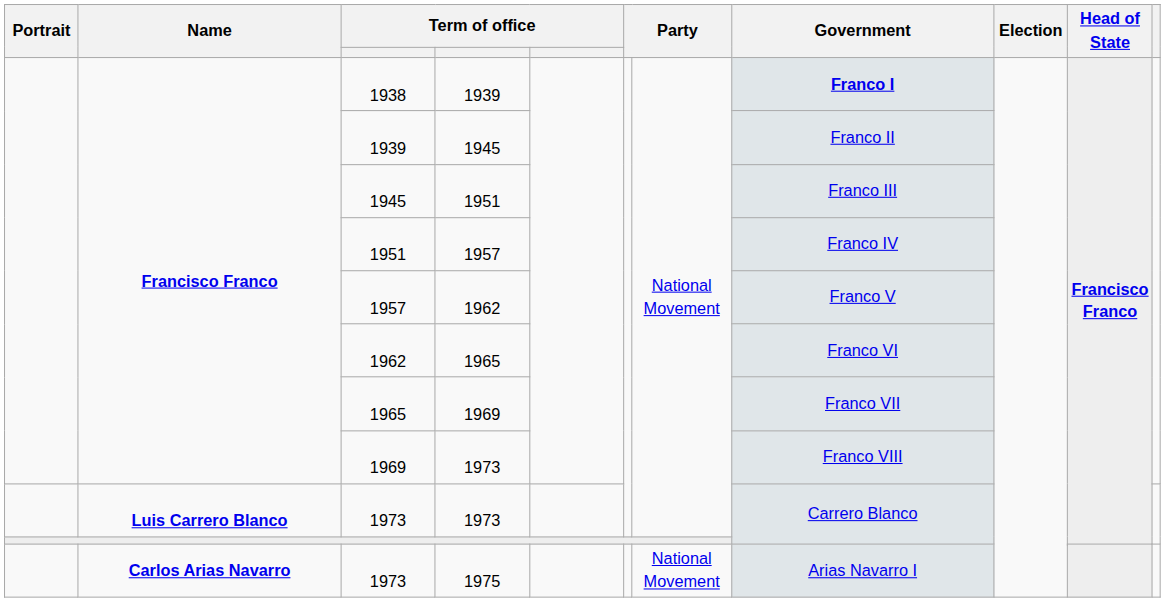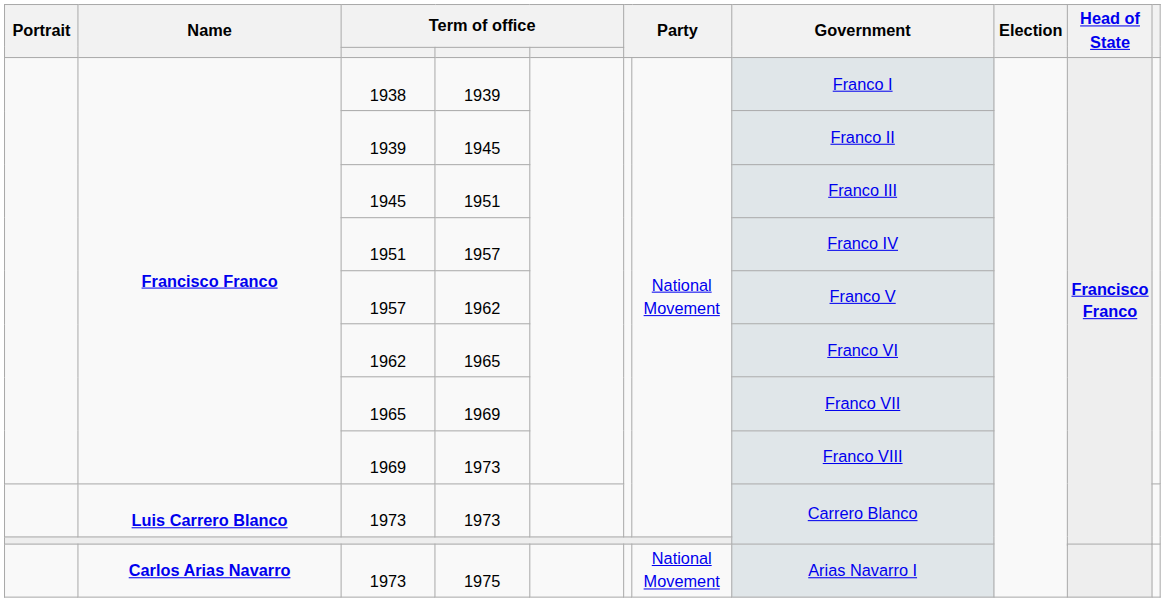 <table class="wikitable" style="line-height:1.4em; text-align:center; border:1px #aaf solid;">
 <tr>
 <th rowspan="2" width="65">Portrait</th>
 <th rowspan="2" width="250">Name<br></th>
 <th colspan="3">Term of office</th>
 <th rowspan="2" colspan="2" width="90">Party</th>
 <th rowspan="2" width="250">Government<br></th>
 <th rowspan="2" width="65">Election</th>
 <th rowspan="2" width="75"><a href='#'>Head of State</a><br></th>
 <th rowspan="2"></th>
 </tr>
 <tr>
 <th width="85"></th>
 <th width="85"></th>
 <th width="85"></th>
 </tr>
 <tr>
 <td rowspan="8" width="65"></td>
 <td rowspan="8"><br><strong><a href='#'>Francisco Franco</a></strong><br></td>
 <td class="nowrap"><br>1938</td>
 <td class="nowrap"><br>1939</td>
 <td rowspan="8" style="font-size:95%;"></td>
 <td rowspan="9" width="1" style="color:inherit;background:"></td>
 <td rowspan="9" width="90"><a href='#'>National<br>Movement</a><br></td>
-<td style="background:#E0E6E9;"><strong><a href='#'>Franco I</a><br></strong></td>
+<td style="background:#E0E6E9;"><a href='#'>Franco I</a><br></td>
 <td rowspan="12" style="color:#ccc;"></td>
 <td scope="row" style="text-align:center;" rowspan="11" bgcolor="#EEEEEE"><br><strong><a href='#'>Francisco<br>Franco</a></strong><br><br></td>
 <td rowspan="8"><br><br><br></td>
 </tr>
 <tr>
 <td class="nowrap"><br>1939</td>
 <td class="nowrap"><br>1945</td>
 <td style="background:#E0E6E9;"><a href='#'>Franco II</a><br></td>
 </tr>
 <tr>
 <td class="nowrap"><br>1945</td>
 <td class="nowrap"><br>1951</td>
 <td style="background:#E0E6E9;"><a href='#'>Franco III</a><br></td>
 </tr>
 <tr>
 <td class="nowrap"><br>1951</td>
 <td class="nowrap"><br>1957</td>
 <td style="background:#E0E6E9;"><a href='#'>Franco IV</a><br></td>
 </tr>
 <tr>
 <td class="nowrap"><br>1957</td>
 <td class="nowrap"><br>1962</td>
 <td style="background:#E0E6E9;"><a href='#'>Franco V</a><br></td>
 </tr>
 <tr>
 <td class="nowrap"><br>1962</td>
 <td class="nowrap"><br>1965</td>
 <td style="background:#E0E6E9;"><a href='#'>Franco VI</a><br></td>
 </tr>
 <tr>
 <td class="nowrap"><br>1965</td>
 <td class="nowrap"><br>1969</td>
 <td style="background:#E0E6E9;"><a href='#'>Franco VII</a><br></td>
 </tr>
 <tr>
 <td class="nowrap"><br>1969</td>
 <td class="nowrap"><br>1973</td>
 <td style="background:#E0E6E9;"><a href='#'>Franco VIII</a><br></td>
 </tr>
 <tr>
 <td></td>
 <td><br><strong><a href='#'>Luis Carrero Blanco</a></strong><br></td>
 <td class="nowrap"><br>1973</td>
 <td class="nowrap"><br>1973<br></td>
 <td style="font-size:95%;"></td>
 <td rowspan="2" style="background:#E0E6E9;"><a href='#'>Carrero Blanco</a><br></td>
 <td rowspan="2"><br></td>
 </tr>
 <tr>
 <td colspan="7" style="background:#EEEEEE;"></td>
 </tr>
 <tr>
 <td rowspan="2"></td>
 <td rowspan="2"><strong><a href='#'>Carlos Arias Navarro</a></strong><br></td>
 <td rowspan="2" class="nowrap"><br>1973</td>
 <td rowspan="2" class="nowrap"><br>1975</td>
 <td rowspan="2" style="font-size:95%;"></td>
 <td rowspan="2" style="color:inherit;background:"></td>
 <td rowspan="2"><a href='#'>National<br>Movement</a><br></td>
 <td rowspan="2" style="background:#E0E6E9;"><a href='#'>Arias Navarro I</a><br></td>
 <td rowspan="2"><br></td>
 </tr>
 <tr>
 <td scope="row" style="text-align:center;" bgcolor="#EEEEEE"></td>
 </tr>
 </table>
